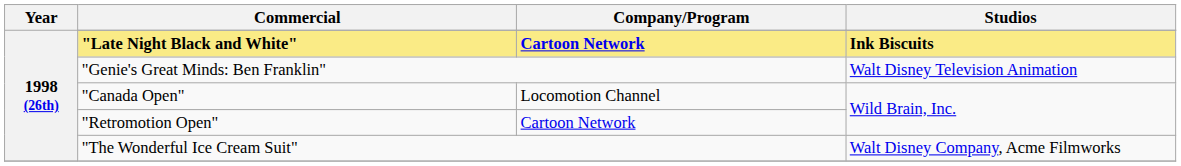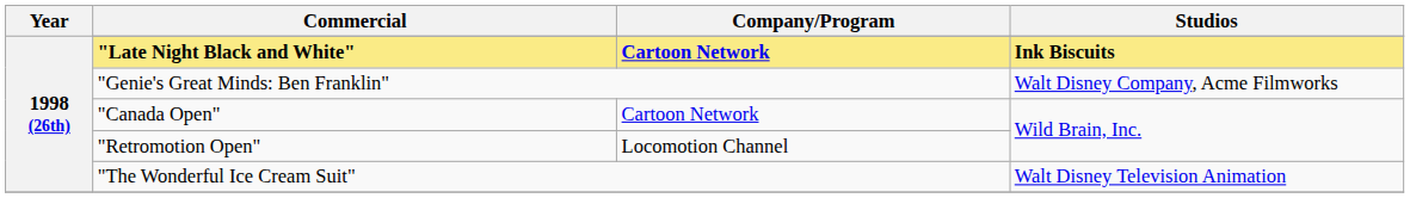 <table class="wikitable" style="width:90%;">
 <tr>
 <th style="width:3%;">Year</th>
 <th style="width:20%;">Commercial</th>
 <th style="width:15%;">Company/Program</th>
 <th style="width:15%;">Studios</th>
 </tr>
 <tr>
 <th rowspan="6" style="text-align:center;">1998<br><small><a href='#'>(26th)</a></small><br></th>
 </tr>
 <tr style="background:#FAEB86;">
 <td><strong>"Late Night Black and White"</strong></td>
 <td><strong><a href='#'>Cartoon Network</a></strong></td>
 <td><strong>Ink Biscuits</strong></td>
 </tr>
 <tr>
 <td colspan="2">"Genie's Great Minds: Ben Franklin"</td>
-<td><a href='#'>Walt Disney Television Animation</a></td>
+<td><a href='#'>Walt Disney Company</a>, Acme Filmworks</td>
 </tr>
 <tr>
 <td>"Canada Open"</td>
-<td>Locomotion Channel</td>
+<td><a href='#'>Cartoon Network</a></td>
 <td rowspan="2"><a href='#'>Wild Brain, Inc.</a></td>
 </tr>
 <tr>
 <td>"Retromotion Open"</td>
-<td><a href='#'>Cartoon Network</a></td>
+<td>Locomotion Channel</td>
 </tr>
 <tr>
 <td colspan="2">"The Wonderful Ice Cream Suit"</td>
-<td><a href='#'>Walt Disney Company</a>, Acme Filmworks</td>
+<td><a href='#'>Walt Disney Television Animation</a></td>
 </tr>
 <tr>
 </tr>
 </table>
